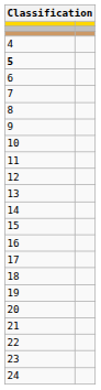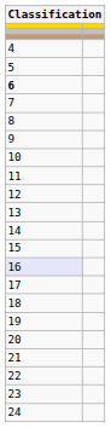 <table class="wikitable" font-size: 90%;>
 <tr>
 <th colspan=2>Classification</th>
 </tr>
 <tr bgcolor=gold valign="top">
 <td></td>
 <td><strong></strong></td>
 </tr>
 <tr bgcolor=silver>
 <td></td>
 <td></td>
 </tr>
 <tr bgcolor=cc9966>
 <td></td>
 <td></td>
 </tr>
 <tr>
 <td>4</td>
 <td></td>
 </tr>
 <tr>
-<td><strong>5</strong></td>
+<td>5</td>
 <td></td>
 </tr>
 <tr>
-<td>6</td>
+<td><strong>6</strong></td>
 <td></td>
 </tr>
 <tr>
 <td>7</td>
 <td></td>
 </tr>
 <tr>
 <td>8</td>
 <td></td>
 </tr>
 <tr>
 <td>9</td>
 <td></td>
 </tr>
 <tr>
 <td>10</td>
 <td></td>
 </tr>
 <tr>
 <td>11</td>
 <td></td>
 </tr>
 <tr>
 <td>12</td>
 <td></td>
 </tr>
 <tr>
 <td>13</td>
 <td></td>
 </tr>
 <tr>
 <td>14</td>
 <td></td>
 </tr>
 <tr>
 <td>15</td>
 <td></td>
 </tr>
 <tr>
-<td>16</td>
+<td style="background: lavender;">16</td>
 <td></td>
 </tr>
 <tr>
 <td>17</td>
 <td></td>
 </tr>
 <tr>
 <td>18</td>
 <td></td>
 </tr>
 <tr>
 <td>19</td>
 <td></td>
 </tr>
 <tr>
 <td>20</td>
 <td></td>
 </tr>
 <tr>
 <td>21</td>
 <td></td>
 </tr>
 <tr>
 <td>22</td>
 <td></td>
 </tr>
 <tr>
 <td>23</td>
 <td></td>
 </tr>
 <tr>
 <td>24</td>
 <td></td>
 </tr>
 </table>
